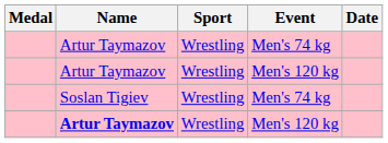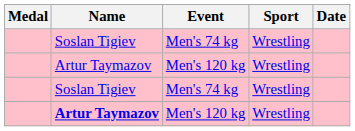 <table class="wikitable sortable" style="font-size: 95%;">
 <tr>
 <th>Medal</th>
 <th>Name</th>
+<th>Event</th>
 <th>Sport</th>
-<th>Event</th>
 <th>Date</th>
 </tr>
 <tr bgcolor=pink>
 <td></td>
-<td><a href='#'>Artur Taymazov</a></td>
+<td><a href='#'>Soslan Tigiev</a></td>
+<td><a href='#'>Men's 74 kg</a></td>
 <td><a href='#'>Wrestling</a></td>
-<td><a href='#'>Men's 74 kg</a></td>
 <td></td>
 </tr>
 <tr bgcolor=pink>
 <td></td>
 <td><a href='#'>Artur Taymazov</a></td>
+<td><a href='#'>Men's 120 kg</a></td>
 <td><a href='#'>Wrestling</a></td>
-<td><a href='#'>Men's 120 kg</a></td>
 <td></td>
 </tr>
 <tr bgcolor=pink>
 <td></td>
 <td><a href='#'>Soslan Tigiev</a></td>
+<td><a href='#'>Men's 74 kg</a></td>
 <td><a href='#'>Wrestling</a></td>
-<td><a href='#'>Men's 74 kg</a></td>
 <td></td>
 </tr>
 <tr bgcolor=pink>
 <td></td>
 <td><strong><a href='#'>Artur Taymazov</a></strong></td>
+<td><a href='#'>Men's 120 kg</a></td>
 <td><a href='#'>Wrestling</a></td>
-<td><a href='#'>Men's 120 kg</a></td>
 <td></td>
 </tr>
 </table>
